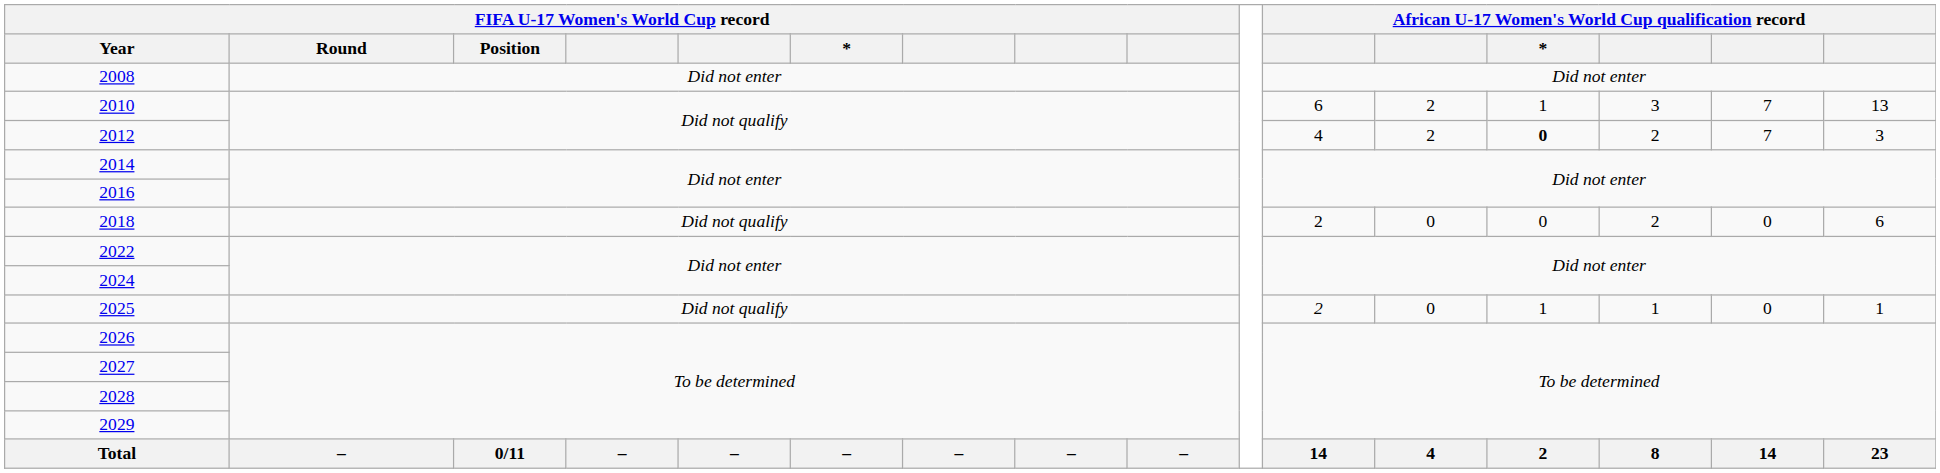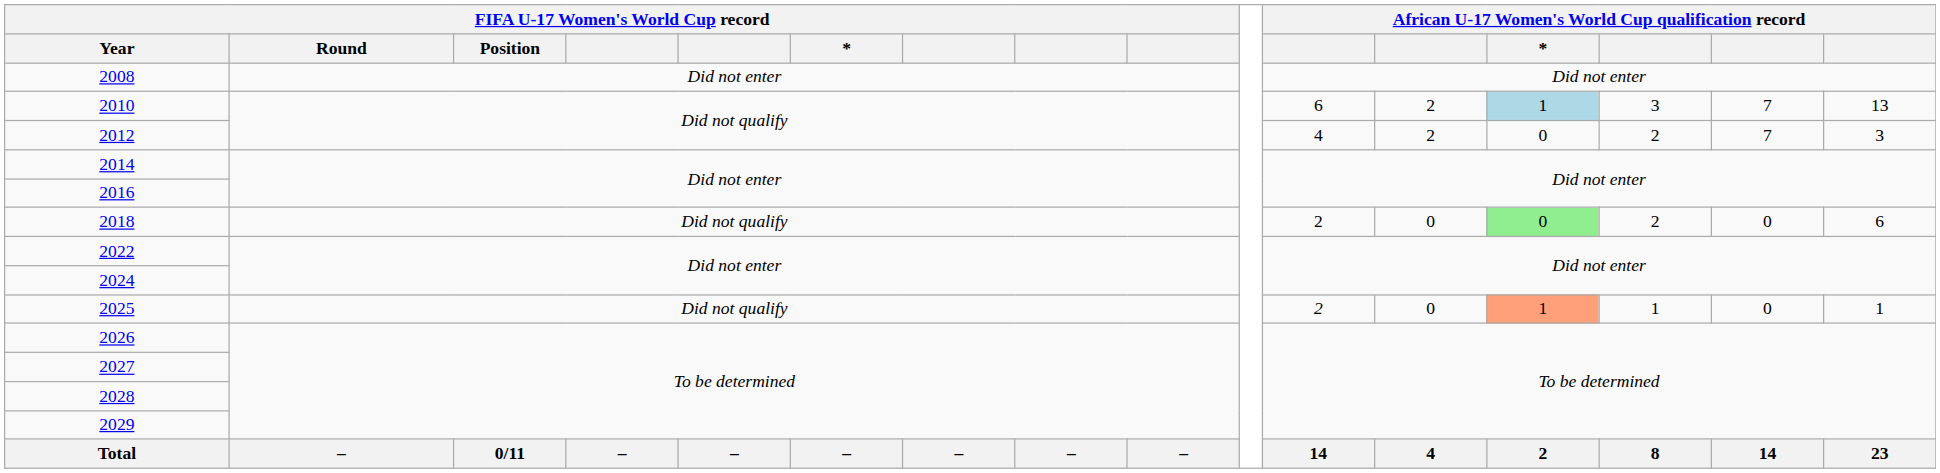 <table class="wikitable" style="font-size:90%; text-align:center; width:100%">
 <tr>
 <th colspan="9"><a href='#'>FIFA U-17 Women's World Cup</a> record</th>
 <th rowspan="16" style="width:1%;background:white"></th>
 <th colspan="6"><a href='#'>African U-17 Women's World Cup qualification</a> record</th>
 </tr>
 <tr>
 <th width="10%">Year</th>
 <th width="10%">Round</th>
 <th width="5%">Position</th>
 <th width="5%"></th>
 <th width="5%"></th>
 <th width="5%">*</th>
 <th width="5%"></th>
 <th width="5%"></th>
 <th width="5%"></th>
 <th width="5%"></th>
 <th width="5%"></th>
 <th width="5%">*</th>
 <th width="5%"></th>
 <th width="5%"></th>
 <th width="5%"></th>
 </tr>
 <tr>
 <td> <a href='#'>2008</a></td>
 <td colspan="8"><em>Did not enter</em></td>
 <td colspan="6"><em>Did not enter</em></td>
 </tr>
 <tr>
 <td> <a href='#'>2010</a></td>
 <td colspan="8" rowspan="2"><em>Did not qualify</em></td>
 <td>6</td>
 <td>2</td>
-<td>1</td>
+<td style="background: lightblue;">1</td>
 <td>3</td>
 <td>7</td>
 <td>13</td>
 </tr>
 <tr>
 <td> <a href='#'>2012</a></td>
 <td>4</td>
 <td>2</td>
-<td><strong>0</strong></td>
+<td>0</td>
 <td>2</td>
 <td>7</td>
 <td>3</td>
 </tr>
 <tr>
 <td> <a href='#'>2014</a></td>
 <td colspan="8" rowspan="2"><em>Did not enter</em></td>
 <td colspan="6" rowspan="2"><em>Did not enter</em></td>
 </tr>
 <tr>
 <td> <a href='#'>2016</a></td>
 </tr>
 <tr>
 <td> <a href='#'>2018</a></td>
 <td colspan="8"><em>Did not qualify</em></td>
 <td>2</td>
 <td>0</td>
-<td>0</td>
+<td style="background: lightgreen;">0</td>
 <td>2</td>
 <td>0</td>
 <td>6</td>
 </tr>
 <tr>
 <td> <a href='#'>2022</a></td>
 <td colspan="8" rowspan="2"><em>Did not enter</em></td>
 <td colspan="6" rowspan="2"><em>Did not enter</em></td>
 </tr>
 <tr>
 <td> <a href='#'>2024</a></td>
 </tr>
 <tr>
 <td> <a href='#'>2025</a></td>
 <td colspan="8"><em>Did not qualify</em></td>
 <td><em>2</em></td>
 <td>0</td>
-<td>1</td>
+<td style="background: lightsalmon;">1</td>
 <td>1</td>
 <td>0</td>
 <td>1</td>
 </tr>
 <tr>
 <td> <a href='#'>2026</a></td>
 <td colspan="8" rowspan="4"><em>To be determined</em></td>
 <td colspan="6" rowspan="4"><em>To be determined</em></td>
 </tr>
 <tr>
 <td> <a href='#'>2027</a></td>
 </tr>
 <tr>
 <td> <a href='#'>2028</a></td>
 </tr>
 <tr>
 <td> <a href='#'>2029</a></td>
 </tr>
 <tr>
 <th>Total</th>
 <th>–</th>
 <th>0/11</th>
 <th>–</th>
 <th>–</th>
 <th>–</th>
 <th>–</th>
 <th>–</th>
 <th>–</th>
 <th>14</th>
 <th>4</th>
 <th>2</th>
 <th>8</th>
 <th>14</th>
 <th>23</th>
 </tr>
 </table>
